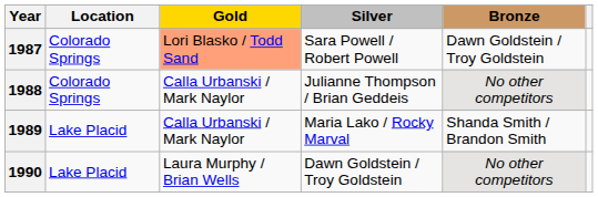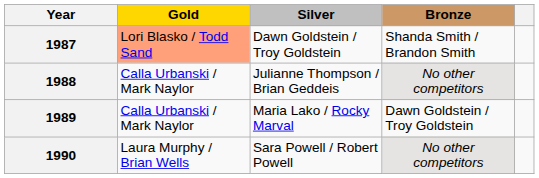 <table class="wikitable unsortable" style="text-align:left; width:100%;">
 <tr>
 <th scope="col" style="text-align:center;">Year</th>
-<th scope="col" style="text-align:center; width:20%">Location</th>
 <td scope="col" style="text-align:center; width:25%; background:gold"><strong>Gold</strong></td>
 <td scope="col" style="text-align:center; width:25%; background:silver"><strong>Silver</strong></td>
 <td scope="col" style="text-align:center; width:25%; background:#c96"><strong>Bronze</strong></td>
 <th scope="col" style="text-align:center"></th>
 </tr>
 <tr>
 <th scope="row">1987</th>
-<td><a href='#'>Colorado Springs</a></td>
 <td style="background: lightsalmon;">Lori Blasko / <a href='#'>Todd Sand</a></td>
-<td>Sara Powell / Robert Powell</td>
 <td>Dawn Goldstein / Troy Goldstein</td>
+<td>Shanda Smith / Brandon Smith</td>
 <td></td>
 </tr>
 <tr>
 <th scope="row">1988</th>
-<td><a href='#'>Colorado Springs</a></td>
 <td><a href='#'>Calla Urbanski</a> / Mark Naylor</td>
 <td>Julianne Thompson / Brian Geddeis</td>
 <td align="center" bgcolor="e5e4e2"><em>No other competitors</em></td>
 <td></td>
 </tr>
 <tr>
 <th scope="row">1989</th>
-<td><a href='#'>Lake Placid</a></td>
 <td><a href='#'>Calla Urbanski</a> / Mark Naylor</td>
 <td>Maria Lako / <a href='#'>Rocky Marval</a></td>
-<td>Shanda Smith / Brandon Smith</td>
+<td>Dawn Goldstein / Troy Goldstein</td>
 <td></td>
 </tr>
 <tr>
 <th scope="row">1990</th>
-<td><a href='#'>Lake Placid</a></td>
 <td>Laura Murphy / <a href='#'>Brian Wells</a></td>
-<td>Dawn Goldstein / Troy Goldstein</td>
+<td>Sara Powell / Robert Powell</td>
 <td align="center" bgcolor="e5e4e2"><em>No other competitors</em></td>
 <td></td>
 </tr>
 </table>
